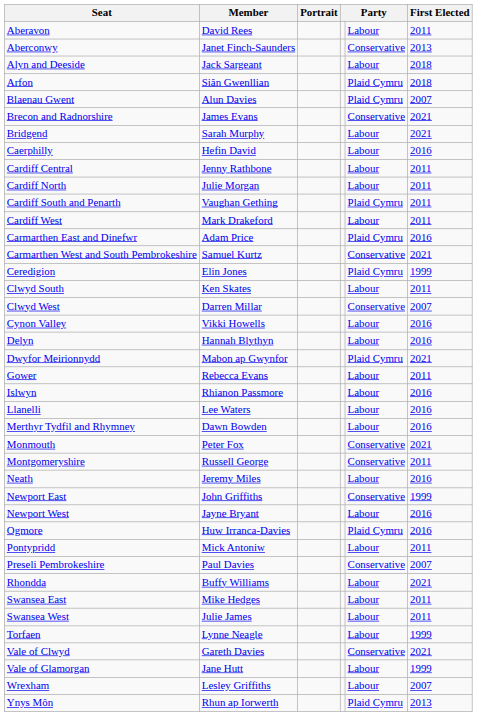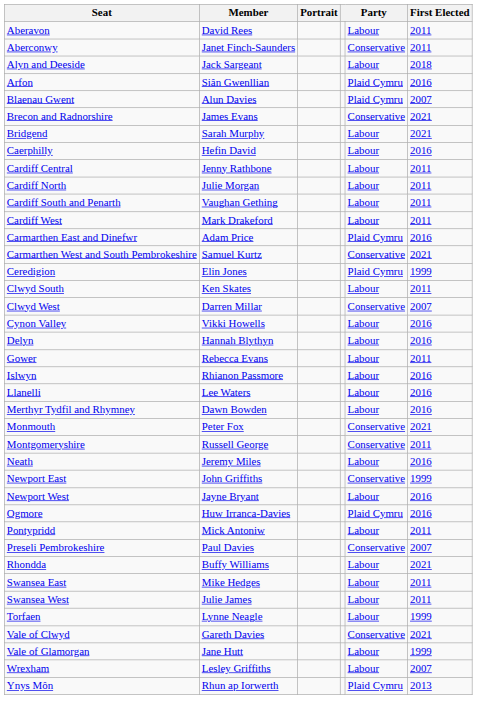 <table class="wikitable sortable">
 <tr>
 <th colspan="1">Seat</th>
 <th>Member</th>
 <th>Portrait</th>
 <th colspan="2">Party</th>
 <th>First Elected</th>
 </tr>
 <tr>
 <td><a href='#'>Aberavon</a></td>
 <td><a href='#'>David Rees</a></td>
 <td></td>
 <td style="color:inherit;background:"></td>
 <td><a href='#'>Labour</a></td>
 <td><a href='#'>2011</a></td>
 </tr>
 <tr>
 <td><a href='#'>Aberconwy</a></td>
 <td><a href='#'>Janet Finch-Saunders</a></td>
 <td></td>
 <td style="color:inherit;background:"></td>
 <td><a href='#'>Conservative</a></td>
-<td><a href='#'>2013</a></td>
+<td><a href='#'>2011</a></td>
 </tr>
 <tr>
 <td><a href='#'>Alyn and Deeside</a></td>
 <td><a href='#'>Jack Sargeant</a></td>
 <td></td>
 <td style="color:inherit;background:"></td>
 <td><a href='#'>Labour</a></td>
 <td><a href='#'>2018</a></td>
 </tr>
 <tr>
 <td><a href='#'>Arfon</a></td>
 <td><a href='#'>Siân Gwenllian</a></td>
 <td></td>
 <td style="color:inherit;background:"></td>
 <td><a href='#'>Plaid Cymru</a></td>
-<td><a href='#'>2018</a></td>
+<td><a href='#'>2016</a></td>
 </tr>
 <tr>
 <td><a href='#'>Blaenau Gwent</a></td>
 <td><a href='#'>Alun Davies</a></td>
 <td></td>
 <td style="color:inherit;background:"></td>
 <td><a href='#'>Plaid Cymru</a></td>
 <td><a href='#'>2007</a></td>
 </tr>
 <tr>
 <td><a href='#'>Brecon and Radnorshire</a></td>
 <td><a href='#'>James Evans</a></td>
 <td></td>
 <td style="color:inherit;background:"></td>
 <td><a href='#'>Conservative</a></td>
 <td><a href='#'>2021</a></td>
 </tr>
 <tr>
 <td><a href='#'>Bridgend</a></td>
 <td><a href='#'>Sarah Murphy</a></td>
 <td></td>
 <td style="color:inherit;background:"></td>
 <td><a href='#'>Labour</a></td>
 <td><a href='#'>2021</a></td>
 </tr>
 <tr>
 <td><a href='#'>Caerphilly</a></td>
 <td><a href='#'>Hefin David</a></td>
 <td></td>
 <td style="color:inherit;background:"></td>
 <td><a href='#'>Labour</a></td>
 <td><a href='#'>2016</a></td>
 </tr>
 <tr>
 <td><a href='#'>Cardiff Central</a></td>
 <td><a href='#'>Jenny Rathbone</a></td>
 <td></td>
 <td style="color:inherit;background:"></td>
 <td><a href='#'>Labour</a></td>
 <td><a href='#'>2011</a></td>
 </tr>
 <tr>
 <td><a href='#'>Cardiff North</a></td>
 <td><a href='#'>Julie Morgan</a></td>
 <td></td>
 <td style="color:inherit;background:"></td>
 <td><a href='#'>Labour</a></td>
 <td><a href='#'>2011</a></td>
 </tr>
 <tr>
 <td><a href='#'>Cardiff South and Penarth</a></td>
 <td><a href='#'>Vaughan Gething</a></td>
 <td></td>
 <td style="color:inherit;background:"></td>
-<td><a href='#'>Plaid Cymru</a></td>
+<td><a href='#'>Labour</a></td>
 <td><a href='#'>2011</a></td>
 </tr>
 <tr>
 <td><a href='#'>Cardiff West</a></td>
 <td><a href='#'>Mark Drakeford</a></td>
 <td></td>
 <td style="color:inherit;background:"></td>
 <td><a href='#'>Labour</a></td>
 <td><a href='#'>2011</a></td>
 </tr>
 <tr>
 <td><a href='#'>Carmarthen East and Dinefwr</a></td>
 <td><a href='#'>Adam Price</a></td>
 <td></td>
 <td style="color:inherit;background:"></td>
 <td><a href='#'>Plaid Cymru</a></td>
 <td><a href='#'>2016</a></td>
 </tr>
 <tr>
 <td><a href='#'>Carmarthen West and South Pembrokeshire</a></td>
 <td><a href='#'>Samuel Kurtz</a></td>
 <td></td>
 <td style="color:inherit;background:"></td>
 <td><a href='#'>Conservative</a></td>
 <td><a href='#'>2021</a></td>
 </tr>
 <tr>
 <td><a href='#'>Ceredigion</a></td>
 <td><a href='#'>Elin Jones</a></td>
 <td></td>
 <td style="color:inherit;background:"></td>
 <td><a href='#'>Plaid Cymru</a></td>
 <td><a href='#'>1999</a></td>
 </tr>
 <tr>
 <td><a href='#'>Clwyd South</a></td>
 <td><a href='#'>Ken Skates</a></td>
 <td></td>
 <td style="color:inherit;background:"></td>
 <td><a href='#'>Labour</a></td>
 <td><a href='#'>2011</a></td>
 </tr>
 <tr>
 <td><a href='#'>Clwyd West</a></td>
 <td><a href='#'>Darren Millar</a></td>
 <td></td>
 <td style="color:inherit;background:"></td>
 <td><a href='#'>Conservative</a></td>
 <td><a href='#'>2007</a></td>
 </tr>
 <tr>
 <td><a href='#'>Cynon Valley</a></td>
 <td><a href='#'>Vikki Howells</a></td>
 <td></td>
 <td style="color:inherit;background:"></td>
 <td><a href='#'>Labour</a></td>
 <td><a href='#'>2016</a></td>
 </tr>
 <tr>
 <td><a href='#'>Delyn</a></td>
 <td><a href='#'>Hannah Blythyn</a></td>
 <td></td>
 <td style="color:inherit;background:"></td>
 <td><a href='#'>Labour</a></td>
 <td><a href='#'>2016</a></td>
-</tr>
-<tr>
-<td><a href='#'>Dwyfor Meirionnydd</a></td>
-<td><a href='#'>Mabon ap Gwynfor</a></td>
-<td></td>
-<td style="color:inherit;background:"></td>
-<td><a href='#'>Plaid Cymru</a></td>
-<td><a href='#'>2021</a></td>
 </tr>
 <tr>
 <td><a href='#'>Gower</a></td>
 <td><a href='#'>Rebecca Evans</a></td>
 <td></td>
 <td style="color:inherit;background:"></td>
 <td><a href='#'>Labour</a></td>
 <td><a href='#'>2011</a></td>
 </tr>
 <tr>
 <td><a href='#'>Islwyn</a></td>
 <td><a href='#'>Rhianon Passmore</a></td>
 <td></td>
 <td style="color:inherit;background:"></td>
 <td><a href='#'>Labour</a></td>
 <td><a href='#'>2016</a></td>
 </tr>
 <tr>
 <td><a href='#'>Llanelli</a></td>
 <td><a href='#'>Lee Waters</a></td>
 <td></td>
 <td style="color:inherit;background:"></td>
 <td><a href='#'>Labour</a></td>
 <td><a href='#'>2016</a></td>
 </tr>
 <tr>
 <td><a href='#'>Merthyr Tydfil and Rhymney</a></td>
 <td><a href='#'>Dawn Bowden</a></td>
 <td></td>
 <td style="color:inherit;background:"></td>
 <td><a href='#'>Labour</a></td>
 <td><a href='#'>2016</a></td>
 </tr>
 <tr>
 <td><a href='#'>Monmouth</a></td>
 <td><a href='#'>Peter Fox</a></td>
 <td></td>
 <td style="color:inherit;background:"></td>
 <td><a href='#'>Conservative</a></td>
 <td><a href='#'>2021</a></td>
 </tr>
 <tr>
 <td><a href='#'>Montgomeryshire</a></td>
 <td><a href='#'>Russell George</a></td>
 <td></td>
 <td style="color:inherit;background:"></td>
 <td><a href='#'>Conservative</a></td>
 <td><a href='#'>2011</a></td>
 </tr>
 <tr>
 <td><a href='#'>Neath</a></td>
 <td><a href='#'>Jeremy Miles</a></td>
 <td></td>
 <td style="color:inherit;background:"></td>
 <td><a href='#'>Labour</a></td>
 <td><a href='#'>2016</a></td>
 </tr>
 <tr>
 <td><a href='#'>Newport East</a></td>
 <td><a href='#'>John Griffiths</a></td>
 <td></td>
 <td style="color:inherit;background:"></td>
 <td><a href='#'>Conservative</a></td>
 <td><a href='#'>1999</a></td>
 </tr>
 <tr>
 <td><a href='#'>Newport West</a></td>
 <td><a href='#'>Jayne Bryant</a></td>
 <td></td>
 <td style="color:inherit;background:"></td>
 <td><a href='#'>Labour</a></td>
 <td><a href='#'>2016</a></td>
 </tr>
 <tr>
 <td><a href='#'>Ogmore</a></td>
 <td><a href='#'>Huw Irranca-Davies</a></td>
 <td></td>
 <td style="color:inherit;background:"></td>
 <td><a href='#'>Plaid Cymru</a></td>
 <td><a href='#'>2016</a></td>
 </tr>
 <tr>
 <td><a href='#'>Pontypridd</a></td>
 <td><a href='#'>Mick Antoniw</a></td>
 <td></td>
 <td style="color:inherit;background:"></td>
 <td><a href='#'>Labour</a></td>
 <td><a href='#'>2011</a></td>
 </tr>
 <tr>
 <td><a href='#'>Preseli Pembrokeshire</a></td>
 <td><a href='#'>Paul Davies</a></td>
 <td></td>
 <td style="color:inherit;background:"></td>
 <td><a href='#'>Conservative</a></td>
 <td><a href='#'>2007</a></td>
 </tr>
 <tr>
 <td><a href='#'>Rhondda</a></td>
 <td><a href='#'>Buffy Williams</a></td>
 <td></td>
 <td style="color:inherit;background:"></td>
 <td><a href='#'>Labour</a></td>
 <td><a href='#'>2021</a></td>
 </tr>
 <tr>
 <td><a href='#'>Swansea East</a></td>
 <td><a href='#'>Mike Hedges</a></td>
 <td></td>
 <td style="color:inherit;background:"></td>
 <td><a href='#'>Labour</a></td>
 <td><a href='#'>2011</a></td>
 </tr>
 <tr>
 <td><a href='#'>Swansea West</a></td>
 <td><a href='#'>Julie James</a></td>
 <td></td>
 <td style="color:inherit;background:"></td>
 <td><a href='#'>Labour</a></td>
 <td><a href='#'>2011</a></td>
 </tr>
 <tr>
 <td><a href='#'>Torfaen</a></td>
 <td><a href='#'>Lynne Neagle</a></td>
 <td></td>
 <td style="color:inherit;background:"></td>
 <td><a href='#'>Labour</a></td>
 <td><a href='#'>1999</a></td>
 </tr>
 <tr>
 <td><a href='#'>Vale of Clwyd</a></td>
 <td><a href='#'>Gareth Davies</a></td>
 <td></td>
 <td style="color:inherit;background:"></td>
 <td><a href='#'>Conservative</a></td>
 <td><a href='#'>2021</a></td>
 </tr>
 <tr>
 <td><a href='#'>Vale of Glamorgan</a></td>
 <td><a href='#'>Jane Hutt</a></td>
 <td></td>
 <td style="color:inherit;background:"></td>
 <td><a href='#'>Labour</a></td>
 <td><a href='#'>1999</a></td>
 </tr>
 <tr>
 <td><a href='#'>Wrexham</a></td>
 <td><a href='#'>Lesley Griffiths</a></td>
 <td></td>
 <td style="color:inherit;background:"></td>
 <td><a href='#'>Labour</a></td>
 <td><a href='#'>2007</a></td>
 </tr>
 <tr>
 <td><a href='#'>Ynys Môn</a></td>
 <td><a href='#'>Rhun ap Iorwerth</a></td>
 <td></td>
 <td style="color:inherit;background:"></td>
 <td><a href='#'>Plaid Cymru</a></td>
 <td><a href='#'>2013</a></td>
 </tr>
 </table>
